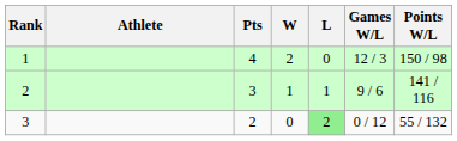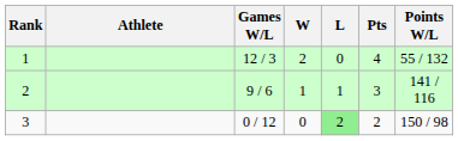 <table class="wikitable" style="text-align: center; font-size:90% ">
 <tr>
 <th width="20">Rank</th>
 <th width="180">Athlete</th>
-<th width="30">Pts</th>
+<th width="40">Games<br>W/L</th>
 <th width="30">W</th>
 <th width="30">L</th>
-<th width="40">Games<br>W/L</th>
+<th width="30">Pts</th>
 <th width="50">Points<br>W/L</th>
 </tr>
 <tr bgcolor=#ccffcc>
 <td>1</td>
 <td align=left></td>
-<td>4</td>
+<td>12 / 3</td>
 <td>2</td>
 <td>0</td>
-<td>12 / 3</td>
-<td>150 / 98</td>
+<td>4</td>
+<td>55 / 132</td>
 </tr>
 <tr bgcolor=#ccffcc>
 <td>2</td>
 <td align=left></td>
-<td>3</td>
+<td>9 / 6</td>
 <td>1</td>
 <td>1</td>
-<td>9 / 6</td>
+<td>3</td>
 <td>141 / 116</td>
 </tr>
 <tr>
 <td>3</td>
 <td align=left></td>
-<td>2</td>
+<td>0 / 12</td>
 <td>0</td>
 <td style="background: lightgreen;">2</td>
-<td>0 / 12</td>
-<td>55 / 132</td>
+<td>2</td>
+<td>150 / 98</td>
 </tr>
 </table>
